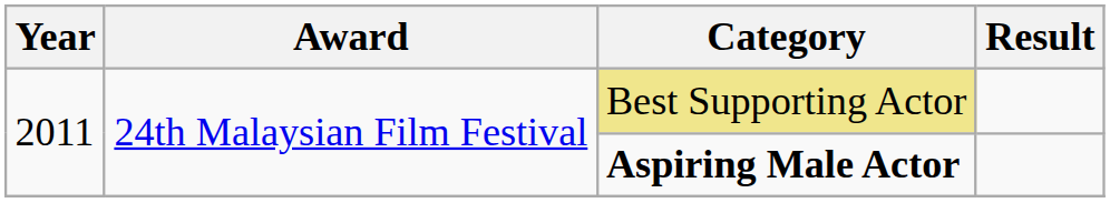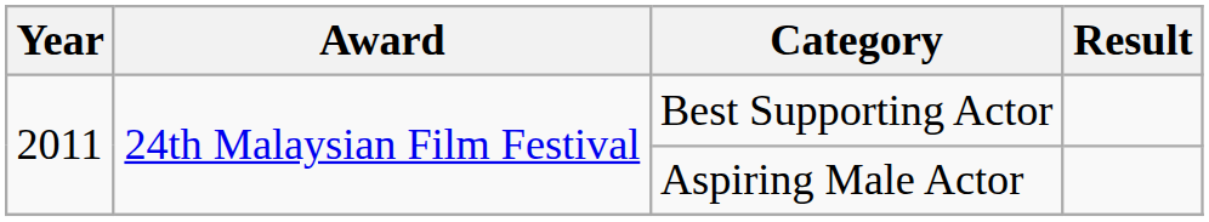 <table class="wikitable">
 <tr>
 <th>Year</th>
 <th>Award</th>
 <th>Category</th>
 <th>Result</th>
 </tr>
 <tr>
 <td rowspan="2">2011</td>
 <td rowspan="2"><a href='#'>24th Malaysian Film Festival</a></td>
-<td style="background: khaki;">Best Supporting Actor</td>
+<td>Best Supporting Actor</td>
 <td></td>
 </tr>
 <tr>
-<td><strong>Aspiring Male Actor</strong></td>
+<td>Aspiring Male Actor</td>
 <td></td>
 </tr>
 <tr>
 </tr>
 </table>
